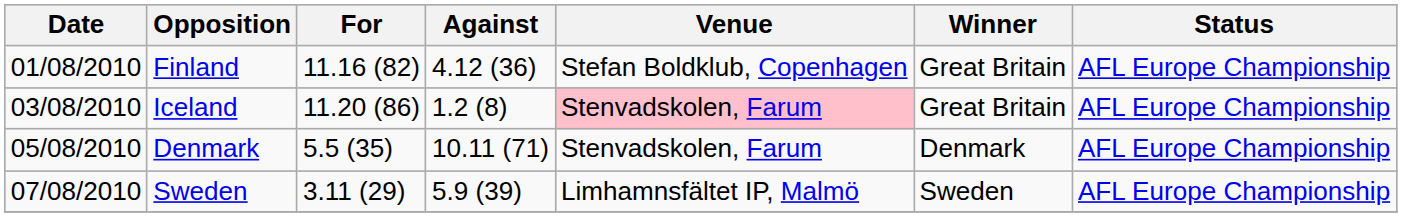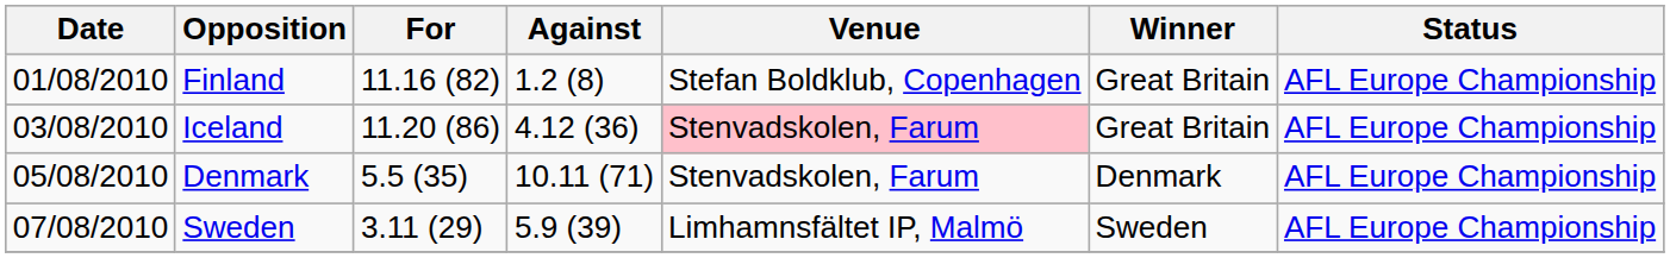 <table class="wikitable sortable">
 <tr>
 <th>Date</th>
 <th>Opposition</th>
 <th>For</th>
 <th>Against</th>
 <th>Venue</th>
 <th>Winner</th>
 <th>Status</th>
 </tr>
 <tr>
 <td>01/08/2010</td>
 <td><a href='#'>Finland</a> </td>
 <td>11.16 (82)</td>
-<td>4.12 (36)</td>
+<td>1.2 (8)</td>
 <td>Stefan Boldklub, <a href='#'>Copenhagen</a></td>
 <td>Great Britain</td>
 <td><a href='#'>AFL Europe Championship</a></td>
 </tr>
 <tr>
 <td>03/08/2010</td>
 <td><a href='#'>Iceland</a> </td>
 <td>11.20 (86)</td>
-<td>1.2 (8)</td>
+<td>4.12 (36)</td>
 <td style="background: pink;">Stenvadskolen, <a href='#'>Farum</a></td>
 <td>Great Britain</td>
 <td><a href='#'>AFL Europe Championship</a></td>
 </tr>
 <tr>
 <td>05/08/2010</td>
 <td><a href='#'>Denmark</a> </td>
 <td>5.5 (35)</td>
 <td>10.11 (71)</td>
 <td>Stenvadskolen, <a href='#'>Farum</a></td>
 <td>Denmark</td>
 <td><a href='#'>AFL Europe Championship</a></td>
 </tr>
 <tr>
 <td>07/08/2010</td>
 <td><a href='#'>Sweden</a> </td>
 <td>3.11 (29)</td>
 <td>5.9 (39)</td>
 <td>Limhamnsfältet IP, <a href='#'>Malmö</a></td>
 <td>Sweden</td>
 <td><a href='#'>AFL Europe Championship</a></td>
 </tr>
 <tr>
 </tr>
 </table>
